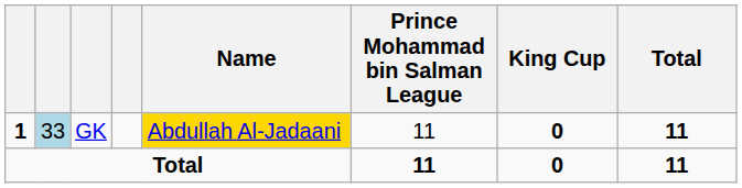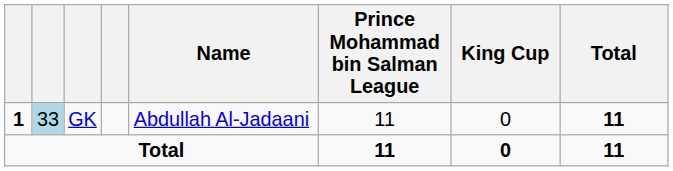 <table class="wikitable" style="text-align:center">
 <tr>
 <th width=15></th>
 <th width=15></th>
 <th width=15></th>
 <th width=15></th>
 <th width=145>Name</th>
 <th width=100>Prince Mohammad bin Salman League</th>
 <th width=80>King Cup</th>
 <th width=80>Total</th>
 </tr>
 <tr>
 <td><strong>1</strong></td>
 <td style="background: lightblue;">33</td>
 <td><a href='#'>GK</a></td>
 <td></td>
-<td align=left style="background: gold;"><a href='#'>Abdullah Al-Jadaani</a></td>
+<td align=left><a href='#'>Abdullah Al-Jadaani</a></td>
 <td>11</td>
-<td><strong>0</strong></td>
+<td>0</td>
 <td><strong>11</strong></td>
 </tr>
 <tr>
 <td colspan=5><strong>Total</strong></td>
 <td><strong>11</strong></td>
 <td><strong>0</strong></td>
 <td><strong>11</strong></td>
 </tr>
 </table>
